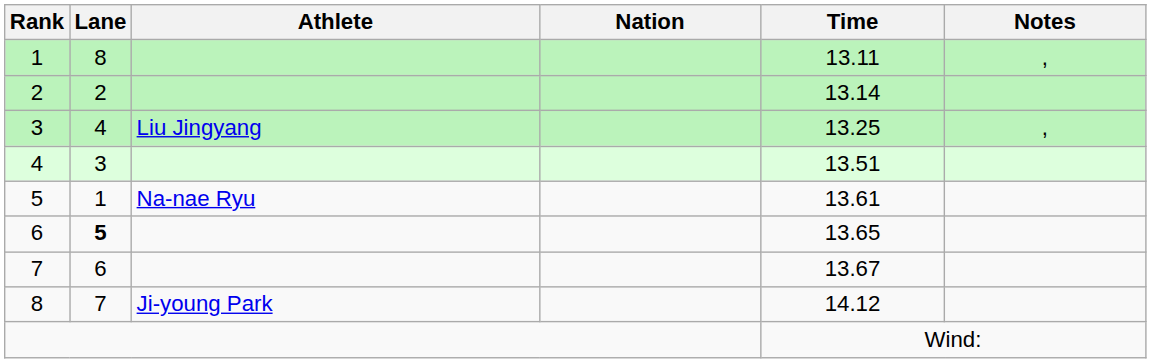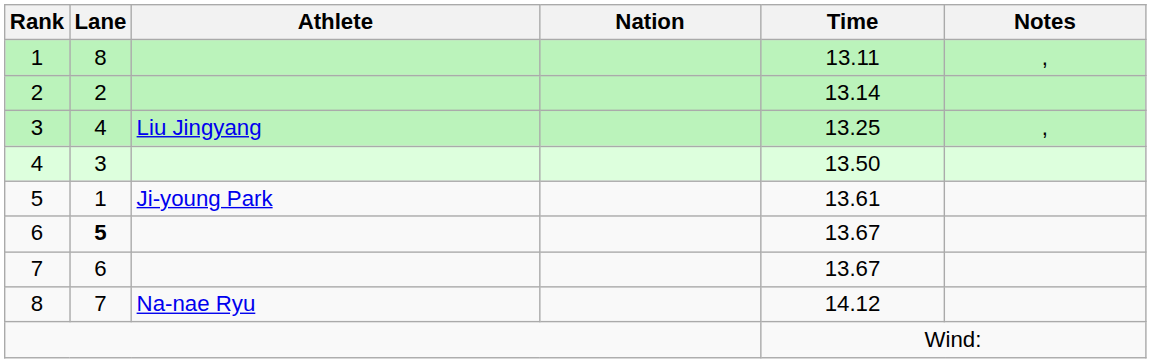 <table class="wikitable sortable" style="text-align:center;width: 65%;">
 <tr>
 <th scope="col" style="width: 10px;">Rank</th>
 <th scope="col" style="width: 10px;">Lane</th>
 <th scope="col">Athlete</th>
 <th scope="col">Nation</th>
 <th scope="col">Time</th>
 <th scope="col">Notes</th>
 </tr>
 <tr bgcolor=bbf3bb>
 <td>1</td>
 <td>8</td>
 <td align="left"></td>
 <td align="left"></td>
 <td>13.11</td>
 <td>, </td>
 </tr>
 <tr bgcolor=bbf3bb>
 <td>2</td>
 <td>2</td>
 <td align="left"></td>
 <td align="left"></td>
 <td>13.14</td>
 <td></td>
 </tr>
 <tr bgcolor=bbf3bb>
 <td>3</td>
 <td>4</td>
 <td align="left"><a href='#'>Liu Jingyang</a></td>
 <td align="left"></td>
 <td>13.25</td>
 <td>, </td>
 </tr>
 <tr bgcolor=ddffdd>
 <td>4</td>
 <td>3</td>
 <td align="left"></td>
 <td align="left"></td>
-<td>13.51</td>
+<td>13.50</td>
 <td></td>
 </tr>
 <tr>
 <td>5</td>
 <td>1</td>
-<td align="left"><a href='#'>Na-nae Ryu</a></td>
+<td align="left"><a href='#'>Ji-young Park</a></td>
 <td align="left"></td>
 <td>13.61</td>
 <td></td>
 </tr>
 <tr>
 <td>6</td>
 <td><strong>5</strong></td>
 <td align="left"></td>
 <td align="left"></td>
-<td>13.65 </td>
+<td>13.67 </td>
 <td></td>
 </tr>
 <tr>
 <td>7</td>
 <td>6</td>
 <td align="left"></td>
 <td align="left"></td>
 <td>13.67 </td>
 <td></td>
 </tr>
 <tr>
 <td>8</td>
 <td>7</td>
-<td align="left"><a href='#'>Ji-young Park</a></td>
+<td align="left"><a href='#'>Na-nae Ryu</a></td>
 <td align="left"></td>
 <td>14.12</td>
 <td></td>
 </tr>
 <tr class="sortbottom">
 <td colspan="4"></td>
 <td colspan="2">Wind: </td>
 </tr>
 </table>
